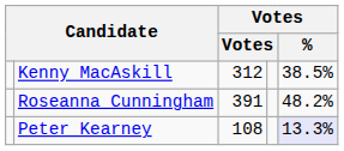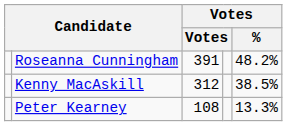 <table class=wikitable style="font-size:95%;">
 <tr>
 <th colspan="2" scope="col" rowspan="2" width="125">Candidate</th>
 <th scope="col" colspan="3" width="75">Votes</th>
 </tr>
 <tr>
 <th scope="col" colspan="2">Votes</th>
 <th>%</th>
 </tr>
 <tr align="right">
 <td style="background-color: "></td>
+<td scope="row" align="left"><a href='#'>Roseanna Cunningham</a></td>
+<td>391</td>
+<td align=center></td>
+<td>48.2%</td>
+</tr>
+<tr align="right">
+<td style="background-color: "></td>
 <td scope="row" align="left"><a href='#'>Kenny MacAskill</a></td>
 <td>312</td>
 <td align=center></td>
 <td>38.5%</td>
 </tr>
 <tr align="right">
 <td style="background-color: "></td>
-<td scope="row" align="left"><a href='#'>Roseanna Cunningham</a></td>
-<td>391</td>
-<td align=center></td>
-<td>48.2%</td>
-</tr>
-<tr align="right">
-<td style="background-color: "></td>
 <td scope="row" align="left"><a href='#'>Peter Kearney</a> </td>
 <td>108</td>
 <td align=center></td>
-<td style="background: lavender;">13.3%</td>
+<td>13.3%</td>
 </tr>
 </table>
